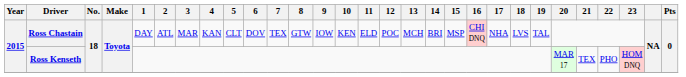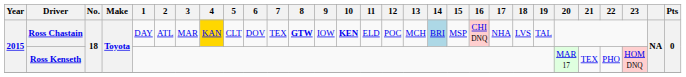 <table class="wikitable" style="text-align:center; font-size:75%">
 <tr>
 <th>Year</th>
 <th>Driver</th>
 <th>No.</th>
 <th>Make</th>
 <th>1</th>
 <th>2</th>
 <th>3</th>
 <th>4</th>
 <th>5</th>
 <th>6</th>
 <th>7</th>
 <th>8</th>
 <th>9</th>
 <th>10</th>
 <th>11</th>
 <th>12</th>
 <th>13</th>
 <th>14</th>
 <th>15</th>
 <th>16</th>
 <th>17</th>
 <th>18</th>
 <th>19</th>
 <th>20</th>
 <th>21</th>
 <th>22</th>
 <th>23</th>
 <th></th>
 <th>Pts</th>
 </tr>
 <tr>
 <th rowspan=2><a href='#'>2015</a></th>
 <th><a href='#'>Ross Chastain</a></th>
 <th rowspan=2>18</th>
 <th rowspan=2><a href='#'>Toyota</a></th>
 <td><a href='#'>DAY</a></td>
 <td><a href='#'>ATL</a></td>
 <td><a href='#'>MAR</a></td>
-<td><a href='#'>KAN</a></td>
+<td style="background: gold;"><a href='#'>KAN</a></td>
 <td><a href='#'>CLT</a></td>
 <td><a href='#'>DOV</a></td>
 <td><a href='#'>TEX</a></td>
-<td><a href='#'>GTW</a></td>
+<td><strong><a href='#'>GTW</a></strong></td>
 <td><a href='#'>IOW</a></td>
-<td><a href='#'>KEN</a></td>
+<td><strong><a href='#'>KEN</a></strong></td>
 <td><a href='#'>ELD</a></td>
 <td><a href='#'>POC</a></td>
 <td><a href='#'>MCH</a></td>
-<td><a href='#'>BRI</a></td>
+<td style="background: lightblue;"><a href='#'>BRI</a></td>
 <td><a href='#'>MSP</a></td>
 <td style="background:#FFCFCF;"><a href='#'>CHI</a><br><small>DNQ</small></td>
 <td><a href='#'>NHA</a></td>
 <td><a href='#'>LVS</a></td>
 <td><a href='#'>TAL</a></td>
 <td colspan=4></td>
 <th rowspan=2>NA</th>
 <th rowspan=2>0</th>
 </tr>
 <tr>
 <th><a href='#'>Ross Kenseth</a></th>
 <td colspan=19></td>
 <td style="background:#DFFFDF;"><a href='#'>MAR</a><br><small>17</small></td>
 <td><a href='#'>TEX</a></td>
 <td><a href='#'>PHO</a></td>
 <td style="background:#FFCFCF;"><a href='#'>HOM</a><br><small>DNQ</small></td>
 </tr>
 <tr>
 </tr>
 </table>
